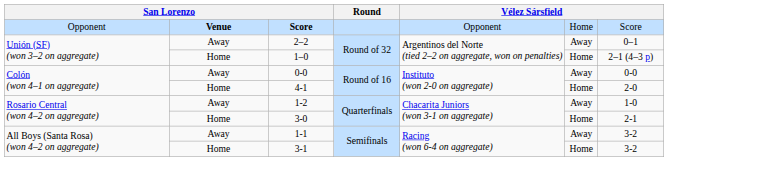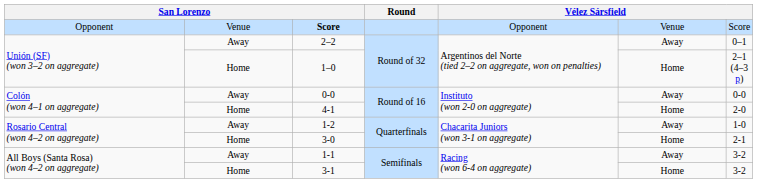 <table class="wikitable" style="text-align: center;">
 <tr>
 <th colspan=3><a href='#'>San Lorenzo</a></th>
 <th>Round</th>
 <th colspan=3><a href='#'>Vélez Sársfield</a></th>
 </tr>
 <tr bgcolor=#c1e0ff>
 <td width=25%>Opponent</td>
-<td width=15%><strong>Venue</strong></td>
+<td width=15%>Venue</td>
 <td width=10%><strong>Score</strong></td>
 <td width=10%></td>
 <td width=25%>Opponent</td>
-<td>Home</td>
+<td width=25%>Venue</td>
 <td width=10%>Score</td>
 </tr>
 <tr>
 <td rowspan=2 align=left><a href='#'>Unión (SF)</a><br><em>(won 3–2 on aggregate)</em></td>
 <td>Away</td>
 <td>2–2</td>
 <td rowspan=2 bgcolor=#c1e0ff>Round of 32</td>
 <td rowspan=2 align=left>Argentinos del Norte <br><em>(tied 2–2 on aggregate, won on penalties)</em></td>
 <td>Away</td>
 <td>0–1</td>
 </tr>
 <tr>
 <td>Home</td>
 <td>1–0</td>
 <td>Home</td>
 <td>2–1 (4–3 <a href='#'>p</a>)</td>
 </tr>
 <tr>
 <td rowspan=2 align=left><a href='#'>Colón</a><br><em>(won 4–1 on aggregate)</em></td>
 <td>Away</td>
 <td>0-0</td>
 <td rowspan=2 bgcolor=#c1e0ff>Round of 16</td>
 <td rowspan=2 align=left><a href='#'>Instituto</a><br><em>(won 2-0 on aggregate)</em></td>
 <td>Away</td>
 <td>0-0</td>
 </tr>
 <tr>
 <td>Home</td>
 <td>4-1</td>
 <td>Home</td>
 <td>2-0</td>
 </tr>
 <tr>
 <td rowspan=2 align=left><a href='#'>Rosario Central</a><br><em>(won 4–2 on aggregate)</em></td>
 <td>Away</td>
 <td>1-2</td>
 <td rowspan=2 bgcolor=#c1e0ff>Quarterfinals</td>
 <td rowspan=2 align=left><a href='#'>Chacarita Juniors</a><br><em>(won 3-1 on aggregate)</em></td>
 <td>Away</td>
 <td>1-0</td>
 </tr>
 <tr>
 <td>Home</td>
 <td>3-0</td>
 <td>Home</td>
 <td>2-1</td>
 </tr>
 <tr>
 <td rowspan=2 align=left>All Boys (Santa Rosa) <br><em>(won 4–2 on aggregate)</em></td>
 <td>Away</td>
 <td>1-1</td>
 <td rowspan=2 bgcolor=#c1e0ff>Semifinals</td>
 <td rowspan=2 align=left><a href='#'>Racing</a><br><em>(won 6-4 on aggregate)</em></td>
 <td>Away</td>
 <td>3-2</td>
 </tr>
 <tr>
 <td>Home</td>
 <td>3-1</td>
 <td>Home</td>
 <td>3-2</td>
 </tr>
 </table>
